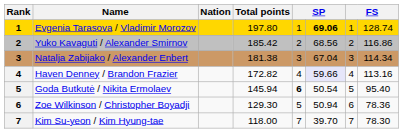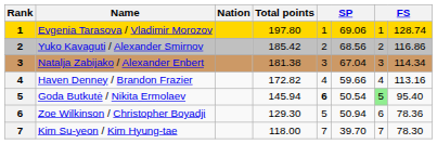 <table class="wikitable sortable">
 <tr>
 <th>Rank</th>
 <th>Name</th>
 <th>Nation</th>
 <th>Total points</th>
 <th colspan="2" width="80px"><a href='#'>SP</a></th>
 <th colspan="2" width="80px"><a href='#'>FS</a></th>
 </tr>
 <tr bgcolor="gold">
 <td align="center"><strong>1</strong></td>
 <td><a href='#'>Evgenia Tarasova</a> / <a href='#'>Vladimir Morozov</a></td>
 <td></td>
 <td align="center">197.80</td>
 <td align="center">1</td>
-<td align="center"><strong>69.06</strong></td>
+<td align="center">69.06</td>
 <td align="center">1</td>
 <td align="center">128.74</td>
 </tr>
 <tr bgcolor="silver">
 <td align="center"><strong>2</strong></td>
 <td><a href='#'>Yuko Kavaguti</a> / <a href='#'>Alexander Smirnov</a></td>
 <td></td>
 <td align="center">185.42</td>
 <td align="center">2</td>
 <td align="center">68.56</td>
 <td align="center">2</td>
 <td align="center">116.86</td>
 </tr>
 <tr bgcolor="cc9966">
 <td align="center"><strong>3</strong></td>
 <td><a href='#'>Natalja Zabijako</a> / <a href='#'>Alexander Enbert</a></td>
 <td></td>
 <td align="center">181.38</td>
 <td align="center">3</td>
 <td align="center">67.04</td>
 <td align="center">3</td>
 <td align="center">114.34</td>
 </tr>
 <tr>
 <th>4</th>
 <td><a href='#'>Haven Denney</a> / <a href='#'>Brandon Frazier</a></td>
 <td></td>
 <td align="center">172.82</td>
 <td align="center">4</td>
-<td align="center" style="background: lavender;">59.66</td>
+<td align="center">59.66</td>
 <td align="center">4</td>
 <td align="center">113.16</td>
 </tr>
 <tr>
 <th>5</th>
 <td><a href='#'>Goda Butkutė</a> / <a href='#'>Nikita Ermolaev</a></td>
 <td></td>
 <td align="center">145.94</td>
 <td align="center"><strong>6</strong></td>
 <td align="center">50.54</td>
-<td align="center">5</td>
+<td align="center" style="background: lightgreen;">5</td>
 <td align="center">95.40</td>
 </tr>
 <tr>
 <th>6</th>
 <td><a href='#'>Zoe Wilkinson</a> / <a href='#'>Christopher Boyadji</a></td>
 <td></td>
 <td align="center">129.30</td>
 <td align="center">5</td>
 <td align="center">50.94</td>
 <td align="center">6</td>
 <td align="center">78.36</td>
 </tr>
 <tr>
 <th>7</th>
 <td><a href='#'>Kim Su-yeon</a> / <a href='#'>Kim Hyung-tae</a></td>
 <td></td>
 <td align="center">118.00</td>
 <td align="center">7</td>
 <td align="center">39.70</td>
 <td align="center">7</td>
 <td align="center">78.30</td>
 </tr>
 </table>
